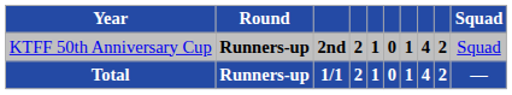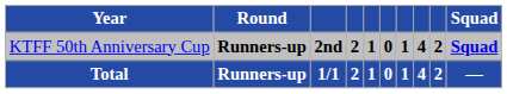 <table class="wikitable" style="text-align:center">
 <tr>
 <th style="background:#244AA5;color:white;">Year</th>
 <th style="background:#244AA5;color:white;">Round</th>
 <th style="background:#244AA5;color:white;"></th>
 <th style="background:#244AA5;color:white;"></th>
 <th style="background:#244AA5;color:white;"></th>
 <th style="background:#244AA5;color:white;"></th>
 <th style="background:#244AA5;color:white;"></th>
 <th style="background:#244AA5;color:white;"></th>
 <th style="background:#244AA5;color:white;"></th>
 <th style="background:#244AA5;color:white;">Squad</th>
 </tr>
 <tr>
 </tr>
 <tr bgcolor=silver>
 <td> <a href='#'>KTFF 50th Anniversary Cup</a></td>
 <td><strong>Runners-up</strong></td>
 <td><strong>2nd</strong></td>
 <td><strong>2</strong></td>
 <td><strong>1</strong></td>
 <td><strong>0</strong></td>
 <td><strong>1</strong></td>
 <td><strong>4</strong></td>
 <td><strong>2</strong></td>
-<td><a href='#'>Squad</a></td>
+<td><strong><a href='#'>Squad</a></strong></td>
 </tr>
 <tr>
 <th style="background:#244AA5;color:white;">Total</th>
 <th style="background:#244AA5;color:white;">Runners-up</th>
 <th style="background:#244AA5;color:white;">1/1</th>
 <th style="background:#244AA5;color:white;">2</th>
 <th style="background:#244AA5;color:white;">1</th>
 <th style="background:#244AA5;color:white;">0</th>
 <th style="background:#244AA5;color:white;">1</th>
 <th style="background:#244AA5;color:white;">4</th>
 <th style="background:#244AA5;color:white;">2</th>
 <th style="background:#244AA5;color:white;">—</th>
 </tr>
 </table>
